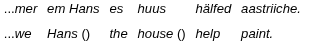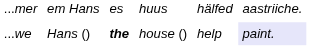 <table cellpadding="5">
 <tr>
 <td>...<em>mer</em></td>
 <td><em>em Hans</em></td>
 <td><em>es</em></td>
 <td><em>huus</em></td>
 <td><em>hälfed</em></td>
 <td><em>aastriiche.</em></td>
 </tr>
 <tr>
 <td>...<em>we</em></td>
 <td><em>Hans</em> ()</td>
-<td><em>the</em></td>
+<td><strong><em>the</em></strong></td>
 <td><em>house</em> ()</td>
 <td><em>help</em></td>
-<td><em>paint.</em></td>
+<td style="background: lavender;"><em>paint.</em></td>
 </tr>
 </table>
